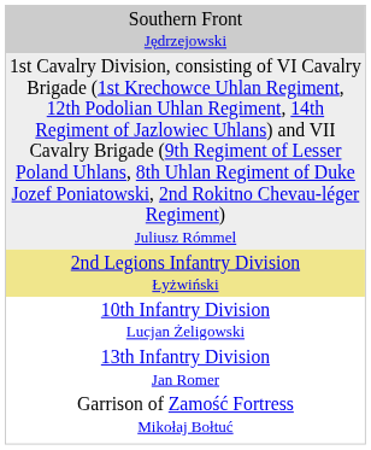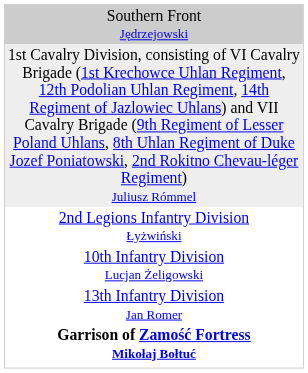 <table border="0" cellspacing="0" cellpadding="2" style="text-align:center;border:1px solid #ccc;">
 <tr valign="top" style="background:#ccc;">
 <th width="300px" style="font-weight:normal">Southern Front <br><small><a href='#'>Jędrzejowski</a></small></th>
 </tr>
 <tr valign="top" style="background:#eee;">
 <td>1st Cavalry Division, consisting of VI Cavalry Brigade (<a href='#'>1st Krechowce Uhlan Regiment</a>, <a href='#'>12th Podolian Uhlan Regiment</a>, <a href='#'>14th Regiment of Jazlowiec Uhlans</a>) and VII Cavalry Brigade (<a href='#'>9th Regiment of Lesser Poland Uhlans</a>, <a href='#'>8th Uhlan Regiment of Duke Jozef Poniatowski</a>, <a href='#'>2nd Rokitno Chevau-léger Regiment</a>) <br><small><a href='#'>Juliusz Rómmel</a></small></td>
 </tr>
 <tr>
-<td style="background: khaki;"><a href='#'>2nd Legions Infantry Division</a> <br><small><a href='#'>Łyżwiński</a></small></td>
+<td><a href='#'>2nd Legions Infantry Division</a> <br><small><a href='#'>Łyżwiński</a></small></td>
 </tr>
 <tr>
 <td><a href='#'>10th Infantry Division</a> <br><small><a href='#'>Lucjan Żeligowski</a></small></td>
 </tr>
 <tr>
 <td><a href='#'>13th Infantry Division</a> <br><small><a href='#'>Jan Romer</a></small></td>
 </tr>
 <tr>
-<td>Garrison of <a href='#'>Zamość Fortress</a> <br><small><a href='#'>Mikołaj Bołtuć</a></small></td>
+<td><strong>Garrison of <a href='#'>Zamość Fortress</a> <br><small><a href='#'>Mikołaj Bołtuć</a></small></strong></td>
 </tr>
 <tr style="border-bottom:1px solid gray;">
 <td><small></small></td>
 </tr>
 </table>
